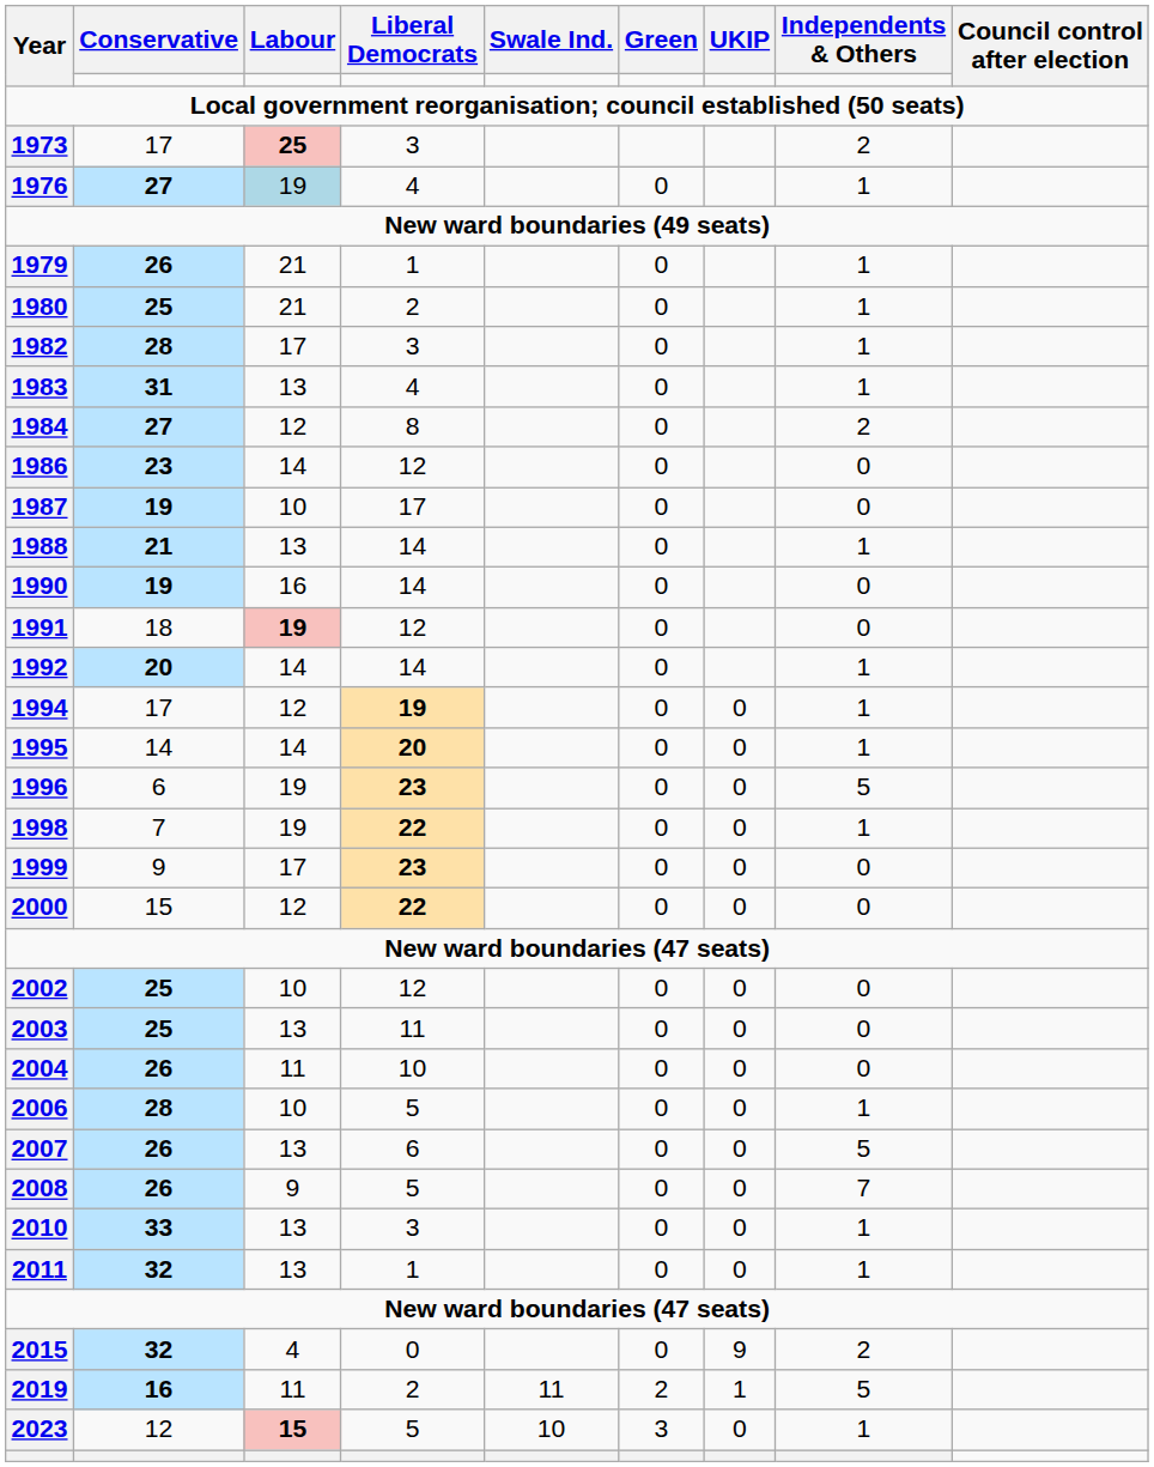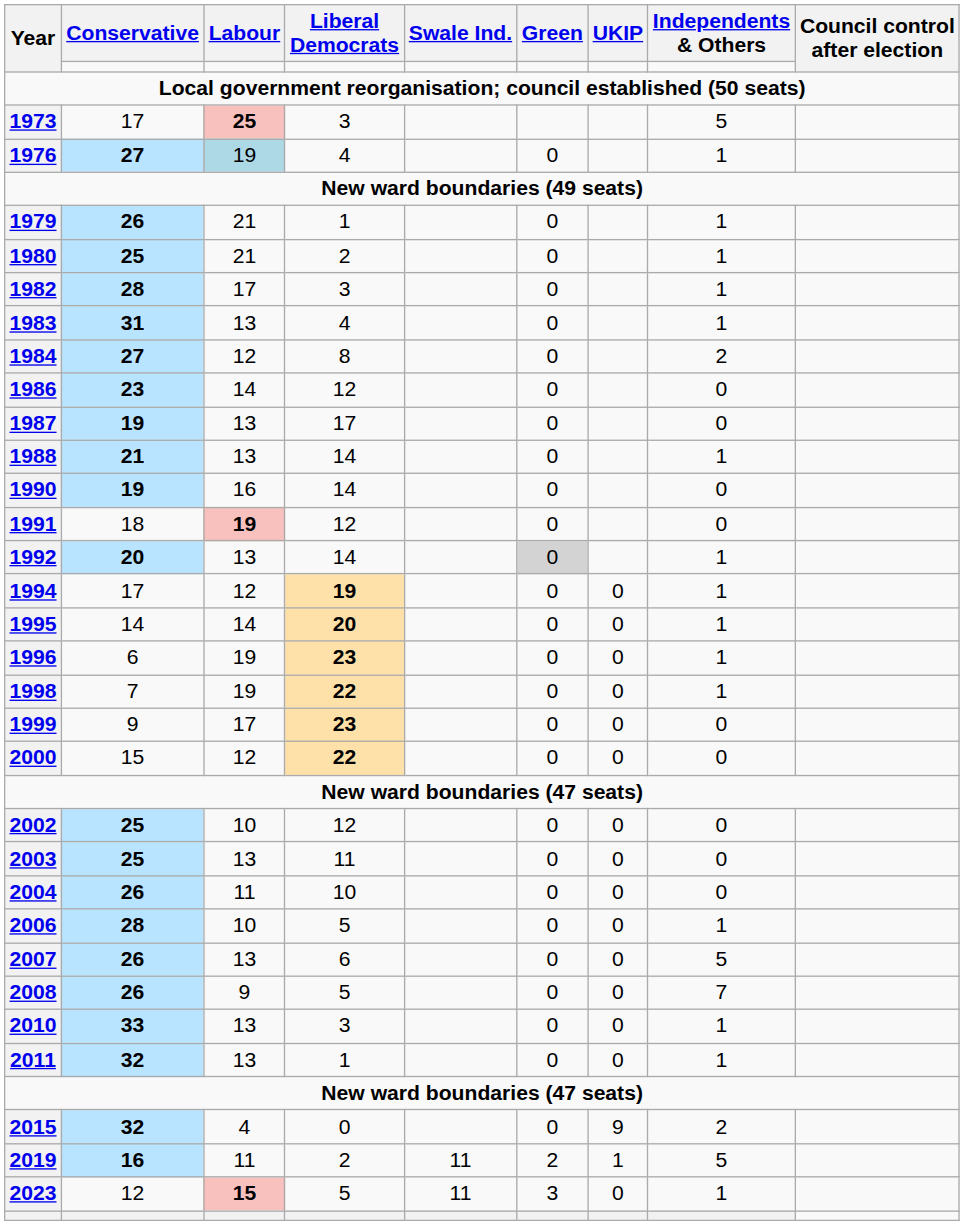 <table class="wikitable plainrowheaders" style="text-align:center">
 <tr>
 <th scope="col" rowspan="2">Year</th>
 <th scope="col"><a href='#'>Conservative</a></th>
 <th scope="col"><a href='#'>Labour</a></th>
 <th scope="col" style="width:1px"><a href='#'>Liberal Democrats</a></th>
 <th scope="col"><a href='#'>Swale Ind.</a></th>
 <th scope="col"><a href='#'>Green</a></th>
 <th scope="col"><a href='#'>UKIP</a></th>
 <th scope="col"><a href='#'>Independents</a><br>& Others</th>
 <th scope="col" rowspan="2" colspan="2">Council control<br>after election</th>
 </tr>
 <tr>
 <td style="background:"></td>
 <td style="background:"></td>
 <td style="background:"></td>
 <td style="background:"></td>
 <td style="background:"></td>
 <td style="background:"></td>
 <td style="background:"></td>
 </tr>
 <tr>
 <td colspan="10"><strong>Local government reorganisation; council established (50 seats)</strong></td>
 </tr>
 <tr>
 <th scope="row"><a href='#'>1973</a></th>
 <td>17</td>
 <td style="background:#F8C1BE;"><strong>25</strong></td>
 <td>3</td>
 <td></td>
 <td></td>
 <td></td>
-<td>2</td>
+<td>5</td>
 <td></td>
 </tr>
 <tr>
 <th scope="row"><a href='#'>1976</a></th>
 <td style="background:#B9E4FF;"><strong>27</strong></td>
 <td style="background: lightblue;">19</td>
 <td>4</td>
 <td></td>
 <td>0</td>
 <td></td>
 <td>1</td>
 <td></td>
 </tr>
 <tr>
 <td colspan="10"><strong>New ward boundaries (49 seats)</strong></td>
 </tr>
 <tr>
 <th scope="row"><a href='#'>1979</a></th>
 <td style="background:#B9E4FF;"><strong>26</strong></td>
 <td>21</td>
 <td>1</td>
 <td></td>
 <td>0</td>
 <td></td>
 <td>1</td>
 <td></td>
 </tr>
 <tr>
 <th scope="row"><a href='#'>1980</a></th>
 <td style="background:#B9E4FF;"><strong>25</strong></td>
 <td>21</td>
 <td>2</td>
 <td></td>
 <td>0</td>
 <td></td>
 <td>1</td>
 <td></td>
 </tr>
 <tr>
 <th scope="row"><a href='#'>1982</a></th>
 <td style="background:#B9E4FF;"><strong>28</strong></td>
 <td>17</td>
 <td>3</td>
 <td></td>
 <td>0</td>
 <td></td>
 <td>1</td>
 <td></td>
 </tr>
 <tr>
 <th scope="row"><a href='#'>1983</a></th>
 <td style="background:#B9E4FF;"><strong>31</strong></td>
 <td>13</td>
 <td>4</td>
 <td></td>
 <td>0</td>
 <td></td>
 <td>1</td>
 <td></td>
 </tr>
 <tr>
 <th scope="row"><a href='#'>1984</a></th>
 <td style="background:#B9E4FF;"><strong>27</strong></td>
 <td>12</td>
 <td>8</td>
 <td></td>
 <td>0</td>
 <td></td>
 <td>2</td>
 <td></td>
 </tr>
 <tr>
 <th scope="row"><a href='#'>1986</a></th>
 <td style="background:#B9E4FF;"><strong>23</strong></td>
 <td>14</td>
 <td>12</td>
 <td></td>
 <td>0</td>
 <td></td>
 <td>0</td>
 <td></td>
 </tr>
 <tr>
 <th scope="row"><a href='#'>1987</a></th>
 <td style="background:#B9E4FF;"><strong>19</strong></td>
-<td>10</td>
+<td>13</td>
 <td>17</td>
 <td></td>
 <td>0</td>
 <td></td>
 <td>0</td>
 <td></td>
 </tr>
 <tr>
 <th scope="row"><a href='#'>1988</a></th>
 <td style="background:#B9E4FF;"><strong>21</strong></td>
 <td>13</td>
 <td>14</td>
 <td></td>
 <td>0</td>
 <td></td>
 <td>1</td>
 <td></td>
 </tr>
 <tr>
 <th scope="row"><a href='#'>1990</a></th>
 <td style="background:#B9E4FF;"><strong>19</strong></td>
 <td>16</td>
 <td>14</td>
 <td></td>
 <td>0</td>
 <td></td>
 <td>0</td>
 <td></td>
 </tr>
 <tr>
 <th scope="row"><a href='#'>1991</a></th>
 <td>18</td>
 <td style="background:#F8C1BE;"><strong>19</strong></td>
 <td>12</td>
 <td></td>
 <td>0</td>
 <td></td>
 <td>0</td>
 <td></td>
 </tr>
 <tr>
 <th scope="row"><a href='#'>1992</a></th>
 <td style="background:#B9E4FF;"><strong>20</strong></td>
-<td>14</td>
+<td>13</td>
 <td>14</td>
 <td></td>
-<td>0</td>
+<td style="background: lightgrey;">0</td>
 <td></td>
 <td>1</td>
 <td></td>
 </tr>
 <tr>
 <th scope="row"><a href='#'>1994</a></th>
 <td>17</td>
 <td>12</td>
 <td style="background:#FEE1A8"><strong>19</strong></td>
 <td></td>
 <td>0</td>
 <td>0</td>
 <td>1</td>
 <td></td>
 </tr>
 <tr>
 <th scope="row"><a href='#'>1995</a></th>
 <td>14</td>
 <td>14</td>
 <td style="background:#FEE1A8"><strong>20</strong></td>
 <td></td>
 <td>0</td>
 <td>0</td>
 <td>1</td>
 <td></td>
 </tr>
 <tr>
 <th scope="row"><a href='#'>1996</a></th>
 <td>6</td>
 <td>19</td>
 <td style="background:#FEE1A8"><strong>23</strong></td>
 <td></td>
 <td>0</td>
 <td>0</td>
-<td>5</td>
+<td>1</td>
 <td></td>
 </tr>
 <tr>
 <th scope="row"><a href='#'>1998</a></th>
 <td>7</td>
 <td>19</td>
 <td style="background:#FEE1A8"><strong>22</strong></td>
 <td></td>
 <td>0</td>
 <td>0</td>
 <td>1</td>
 <td></td>
 </tr>
 <tr>
 <th scope="row"><a href='#'>1999</a></th>
 <td>9</td>
 <td>17</td>
 <td style="background:#FEE1A8"><strong>23</strong></td>
 <td></td>
 <td>0</td>
 <td>0</td>
 <td>0</td>
 <td></td>
 </tr>
 <tr>
 <th scope="row"><a href='#'>2000</a></th>
 <td>15</td>
 <td>12</td>
 <td style="background:#FEE1A8"><strong>22</strong></td>
 <td></td>
 <td>0</td>
 <td>0</td>
 <td>0</td>
 <td></td>
 </tr>
 <tr>
 <td colspan="10"><strong>New ward boundaries (47 seats)</strong></td>
 </tr>
 <tr>
 <th scope="row"><a href='#'>2002</a></th>
 <td style="background:#B9E4FF;"><strong>25</strong></td>
 <td>10</td>
 <td>12</td>
 <td></td>
 <td>0</td>
 <td>0</td>
 <td>0</td>
 <td></td>
 </tr>
 <tr>
 <th scope="row"><a href='#'>2003</a></th>
 <td style="background:#B9E4FF;"><strong>25</strong></td>
 <td>13</td>
 <td>11</td>
 <td></td>
 <td>0</td>
 <td>0</td>
 <td>0</td>
 <td></td>
 </tr>
 <tr>
 <th scope="row"><a href='#'>2004</a></th>
 <td style="background:#B9E4FF;"><strong>26</strong></td>
 <td>11</td>
 <td>10</td>
 <td></td>
 <td>0</td>
 <td>0</td>
 <td>0</td>
 <td></td>
 </tr>
 <tr>
 <th scope="row"><a href='#'>2006</a></th>
 <td style="background:#B9E4FF;"><strong>28</strong></td>
 <td>10</td>
 <td>5</td>
 <td></td>
 <td>0</td>
 <td>0</td>
 <td>1</td>
 <td></td>
 </tr>
 <tr>
 <th scope="row"><a href='#'>2007</a></th>
 <td style="background:#B9E4FF;"><strong>26</strong></td>
 <td>13</td>
 <td>6</td>
 <td></td>
 <td>0</td>
 <td>0</td>
 <td>5</td>
 <td></td>
 </tr>
 <tr>
 <th scope="row"><a href='#'>2008</a></th>
 <td style="background:#B9E4FF;"><strong>26</strong></td>
 <td>9</td>
 <td>5</td>
 <td></td>
 <td>0</td>
 <td>0</td>
 <td>7</td>
 <td></td>
 </tr>
 <tr>
 <th scope="row"><a href='#'>2010</a></th>
 <td style="background:#B9E4FF;"><strong>33</strong></td>
 <td>13</td>
 <td>3</td>
 <td></td>
 <td>0</td>
 <td>0</td>
 <td>1</td>
 <td></td>
 </tr>
 <tr>
 <th scope="row"><a href='#'>2011</a></th>
 <td style="background:#B9E4FF;"><strong>32</strong></td>
 <td>13</td>
 <td>1</td>
 <td></td>
 <td>0</td>
 <td>0</td>
 <td>1</td>
 <td></td>
 </tr>
 <tr>
 <td colspan="10"><strong>New ward boundaries (47 seats)</strong></td>
 </tr>
 <tr>
 <th scope="row"><a href='#'>2015</a></th>
 <td style="background:#B9E4FF;"><strong>32</strong></td>
 <td>4</td>
 <td>0</td>
 <td></td>
 <td>0</td>
 <td>9</td>
 <td>2</td>
 <td></td>
 </tr>
 <tr>
 <th scope="row"><a href='#'>2019</a></th>
 <td style="background:#B9E4FF;"><strong>16</strong></td>
 <td>11</td>
 <td>2</td>
 <td>11</td>
 <td>2</td>
 <td>1</td>
 <td>5</td>
 <td></td>
 </tr>
 <tr>
 <th scope="row"><a href='#'>2023</a></th>
 <td>12</td>
 <td style="background:#F8C1BE;"><strong>15</strong></td>
 <td>5</td>
-<td>10</td>
+<td>11</td>
 <td>3</td>
 <td>0</td>
 <td>1</td>
 <td></td>
 </tr>
 <tr>
 <th></th>
 <th style="background-color: "></th>
 <th style="background-color: "></th>
 <th style="background-color: "></th>
 <th style="background-color: "></th>
 <th style="background-color: "></th>
 <th style="background-color: "></th>
 <th style="background-color: "></th>
 </tr>
 </table>
